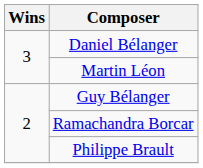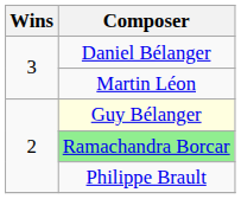 <table class="wikitable" style="text-align:center;">
 <tr>
 <th scope="col" width="10">Wins</th>
 <th scope="col" align="center">Composer</th>
 </tr>
 <tr>
 <td rowspan="2" style="text-align:center;">3</td>
 <td><a href='#'>Daniel Bélanger</a></td>
 </tr>
 <tr>
 <td><a href='#'>Martin Léon</a></td>
 </tr>
 <tr>
 <td rowspan="3" style="text-align:center;">2</td>
-<td><a href='#'>Guy Bélanger</a></td>
+<td style="background: lightyellow;"><a href='#'>Guy Bélanger</a></td>
 </tr>
 <tr>
-<td><a href='#'>Ramachandra Borcar</a></td>
+<td style="background: lightgreen;"><a href='#'>Ramachandra Borcar</a></td>
 </tr>
 <tr>
 <td><a href='#'>Philippe Brault</a></td>
 </tr>
 <tr>
 </tr>
 </table>
